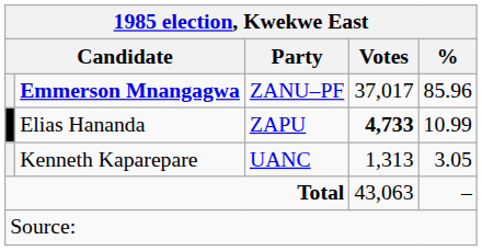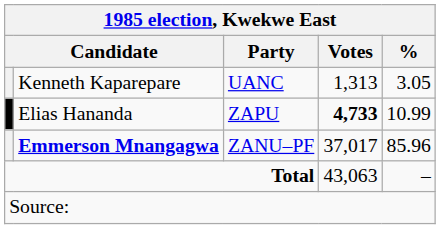 <table class="wikitable">
 <tr>
 <th colspan="5"><a href='#'>1985 election</a>, Kwekwe East</th>
 </tr>
 <tr>
 <th colspan="2">Candidate</th>
 <th>Party</th>
 <th>Votes</th>
 <th>%</th>
 </tr>
 <tr>
 <th style="background-color: "></th>
-<td><strong><a href='#'>Emmerson Mnangagwa</a></strong></td>
-<td><a href='#'>ZANU–PF</a></td>
-<td style="text-align:right">37,017</td>
-<td style="text-align:right">85.96</td>
+<td>Kenneth Kaparepare</td>
+<td><a href='#'>UANC</a></td>
+<td style="text-align:right">1,313</td>
+<td style="text-align:right">3.05</td>
 </tr>
 <tr>
 <th style="background-color:#010100"></th>
 <td>Elias Hananda</td>
 <td><a href='#'>ZAPU</a></td>
 <td style="text-align:right"><strong>4,733</strong></td>
 <td style="text-align:right">10.99</td>
 </tr>
 <tr>
 <th style="background-color: "></th>
-<td>Kenneth Kaparepare</td>
-<td><a href='#'>UANC</a></td>
-<td style="text-align:right">1,313</td>
-<td style="text-align:right">3.05</td>
+<td><strong><a href='#'>Emmerson Mnangagwa</a></strong></td>
+<td><a href='#'>ZANU–PF</a></td>
+<td style="text-align:right">37,017</td>
+<td style="text-align:right">85.96</td>
 </tr>
 <tr>
 <td colspan="3" style="text-align:right"><strong>Total</strong></td>
 <td style="text-align:right">43,063</td>
 <td style="text-align:right">–</td>
 </tr>
 <tr>
 <td colspan="5">Source:</td>
 </tr>
 </table>
